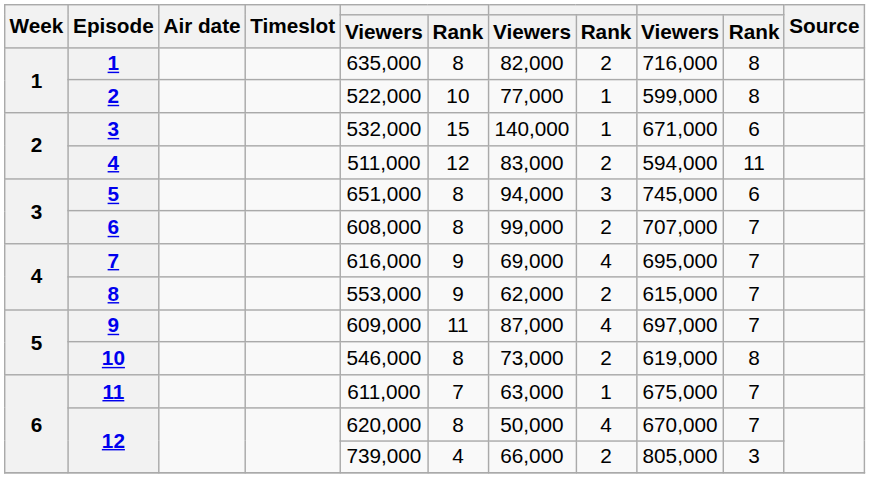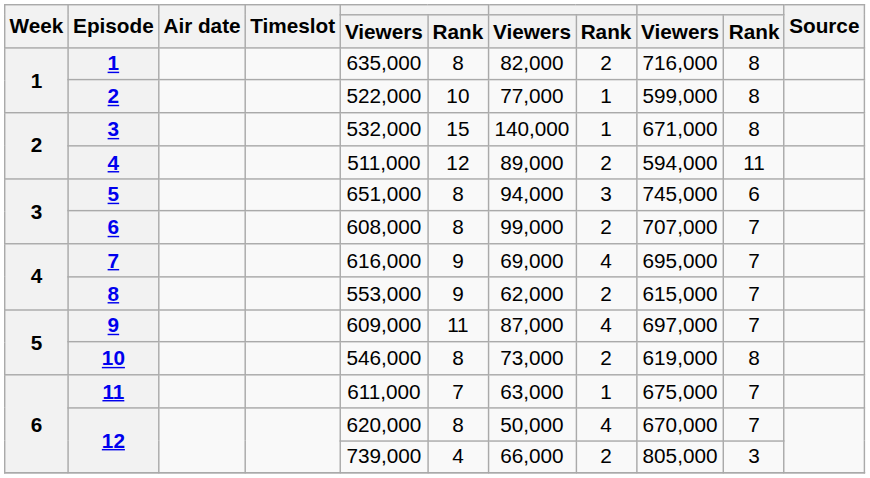 <table class="wikitable nowrap" style="text-align:center; font-size:90%; line-height:16px;">
 <tr>
 <th rowspan="2">Week</th>
 <th rowspan="2">Episode</th>
 <th rowspan="2" class="unsortable">Air date</th>
 <th rowspan="2" class="unsortable">Timeslot</th>
 <th colspan="2"></th>
 <th colspan="2"></th>
 <th colspan="2"></th>
 <th rowspan="2">Source</th>
 </tr>
 <tr>
 <th>Viewers</th>
 <th>Rank</th>
 <th>Viewers</th>
 <th>Rank</th>
 <th>Viewers</th>
 <th>Rank</th>
 </tr>
 <tr>
 <th rowspan="2">1</th>
 <th><a href='#'>1</a></th>
 <td style="text-align:left"></td>
 <td style="text-align:left"></td>
 <td>635,000</td>
 <td>8</td>
 <td>82,000</td>
 <td>2</td>
 <td>716,000</td>
 <td>8</td>
 <td></td>
 </tr>
 <tr>
 <th><a href='#'>2</a></th>
 <td style="text-align:left"></td>
 <td style="text-align:left"></td>
 <td>522,000</td>
 <td>10</td>
 <td>77,000</td>
 <td>1</td>
 <td>599,000</td>
 <td>8</td>
 <td></td>
 </tr>
 <tr>
 <th rowspan="2">2</th>
 <th><a href='#'>3</a></th>
 <td style="text-align:left"></td>
 <td style="text-align:left"></td>
 <td>532,000</td>
 <td>15</td>
 <td>140,000</td>
 <td>1</td>
 <td>671,000</td>
-<td>6</td>
+<td>8</td>
 <td></td>
 </tr>
 <tr>
 <th><a href='#'>4</a></th>
 <td style="text-align:left"></td>
 <td style="text-align:left"></td>
 <td>511,000</td>
 <td>12</td>
-<td>83,000</td>
+<td>89,000</td>
 <td>2</td>
 <td>594,000</td>
 <td>11</td>
 <td></td>
 </tr>
 <tr>
 <th rowspan="2">3</th>
 <th><a href='#'>5</a></th>
 <td style="text-align:left"></td>
 <td style="text-align:left"></td>
 <td>651,000</td>
 <td>8</td>
 <td>94,000</td>
 <td>3</td>
 <td>745,000</td>
 <td>6</td>
 <td></td>
 </tr>
 <tr>
 <th><a href='#'>6</a></th>
 <td style="text-align:left"></td>
 <td style="text-align:left"></td>
 <td>608,000</td>
 <td>8</td>
 <td>99,000</td>
 <td>2</td>
 <td>707,000</td>
 <td>7</td>
 <td></td>
 </tr>
 <tr>
 <th rowspan="2">4</th>
 <th><a href='#'>7</a></th>
 <td style="text-align:left"></td>
 <td style="text-align:left"></td>
 <td>616,000</td>
 <td>9</td>
 <td>69,000</td>
 <td>4</td>
 <td>695,000</td>
 <td>7</td>
 <td></td>
 </tr>
 <tr>
 <th><a href='#'>8</a></th>
 <td style="text-align:left"></td>
 <td style="text-align:left"></td>
 <td>553,000</td>
 <td>9</td>
 <td>62,000</td>
 <td>2</td>
 <td>615,000</td>
 <td>7</td>
 <td></td>
 </tr>
 <tr>
 <th rowspan="2">5</th>
 <th><a href='#'>9</a></th>
 <td style="text-align:left"></td>
 <td style="text-align:left"></td>
 <td>609,000</td>
 <td>11</td>
 <td>87,000</td>
 <td>4</td>
 <td>697,000</td>
 <td>7</td>
 <td></td>
 </tr>
 <tr>
 <th><a href='#'>10</a></th>
 <td style="text-align:left"></td>
 <td style="text-align:left"></td>
 <td>546,000</td>
 <td>8</td>
 <td>73,000</td>
 <td>2</td>
 <td>619,000</td>
 <td>8</td>
 <td></td>
 </tr>
 <tr>
 <th rowspan="3">6</th>
 <th><a href='#'>11</a></th>
 <td style="text-align:left"></td>
 <td style="text-align:left"></td>
 <td>611,000</td>
 <td>7</td>
 <td>63,000</td>
 <td>1</td>
 <td>675,000</td>
 <td>7</td>
 <td></td>
 </tr>
 <tr>
 <th rowspan=2><a href='#'>12</a></th>
 <td rowspan="2"style="text-align:left"></td>
 <td rowspan="2"style="text-align:left"></td>
 <td>620,000</td>
 <td>8</td>
 <td>50,000</td>
 <td>4</td>
 <td>670,000</td>
 <td>7</td>
 <td rowspan=2></td>
 </tr>
 <tr>
 <td>739,000</td>
 <td>4</td>
 <td>66,000</td>
 <td>2</td>
 <td>805,000</td>
 <td>3</td>
 </tr>
 <tr>
 </tr>
 </table>
